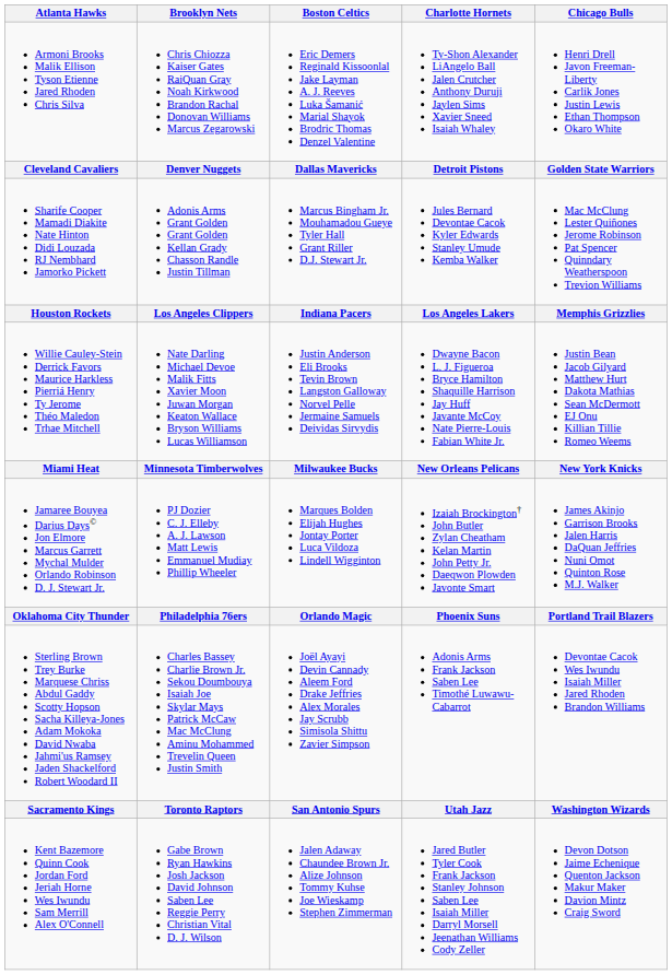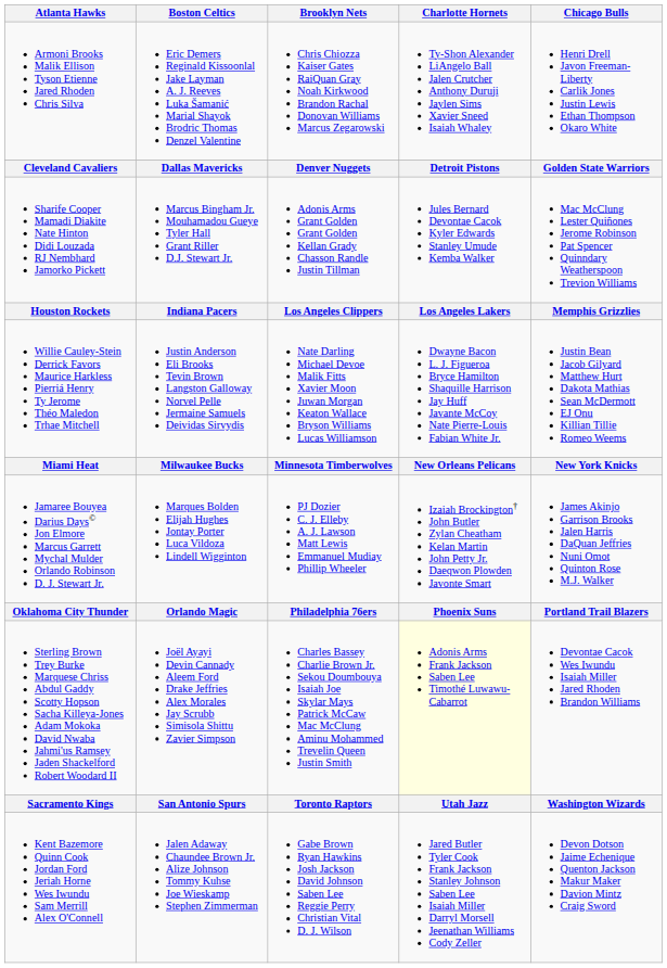 <table class="wikitable">
 <tr>
 <th style="width:185px"><a href='#'>Atlanta Hawks</a></th>
+<th style="width:185px"><a href='#'>Boston Celtics</a></th>
 <th style="width:185px"><a href='#'>Brooklyn Nets</a></th>
-<th style="width:185px"><a href='#'>Boston Celtics</a></th>
 <th style="width:185px"><a href='#'>Charlotte Hornets</a></th>
 <th style="width:185px"><a href='#'>Chicago Bulls</a></th>
 </tr>
 <tr>
 <td valign=top><br><ul><li><a href='#'>Armoni Brooks</a></li><li><a href='#'>Malik Ellison</a></li><li><a href='#'>Tyson Etienne</a></li><li><a href='#'>Jared Rhoden</a></li><li><a href='#'>Chris Silva</a></li></ul></td>
+<td valign=top><br><ul><li><a href='#'>Eric Demers</a></li><li><a href='#'>Reginald Kissoonlal</a></li><li><a href='#'>Jake Layman</a></li><li><a href='#'>A. J. Reeves</a></li><li><a href='#'>Luka Šamanić</a></li><li><a href='#'>Marial Shayok</a></li><li><a href='#'>Brodric Thomas</a></li><li><a href='#'>Denzel Valentine</a></li></ul></td>
 <td valign=top><br><ul><li><a href='#'>Chris Chiozza</a></li><li><a href='#'>Kaiser Gates</a></li><li><a href='#'>RaiQuan Gray</a></li><li><a href='#'>Noah Kirkwood</a></li><li><a href='#'>Brandon Rachal</a></li><li><a href='#'>Donovan Williams</a></li><li><a href='#'>Marcus Zegarowski</a></li></ul></td>
-<td valign=top><br><ul><li><a href='#'>Eric Demers</a></li><li><a href='#'>Reginald Kissoonlal</a></li><li><a href='#'>Jake Layman</a></li><li><a href='#'>A. J. Reeves</a></li><li><a href='#'>Luka Šamanić</a></li><li><a href='#'>Marial Shayok</a></li><li><a href='#'>Brodric Thomas</a></li><li><a href='#'>Denzel Valentine</a></li></ul></td>
 <td valign=top><br><ul><li><a href='#'>Ty-Shon Alexander</a></li><li><a href='#'>LiAngelo Ball</a></li><li><a href='#'>Jalen Crutcher</a></li><li><a href='#'>Anthony Duruji</a></li><li><a href='#'>Jaylen Sims</a></li><li><a href='#'>Xavier Sneed</a></li><li><a href='#'>Isaiah Whaley</a></li></ul></td>
 <td valign=top><br><ul><li><a href='#'>Henri Drell</a></li><li><a href='#'>Javon Freeman-Liberty</a></li><li><a href='#'>Carlik Jones</a></li><li><a href='#'>Justin Lewis</a></li><li><a href='#'>Ethan Thompson</a></li><li><a href='#'>Okaro White</a></li></ul></td>
 </tr>
 <tr>
 <th style="width:185px"><a href='#'>Cleveland Cavaliers</a></th>
+<th style="width:185px"><a href='#'>Dallas Mavericks</a></th>
 <th style="width:185px"><a href='#'>Denver Nuggets</a></th>
-<th style="width:185px"><a href='#'>Dallas Mavericks</a></th>
 <th style="width:185px"><a href='#'>Detroit Pistons</a></th>
 <th style="width:185px"><a href='#'>Golden State Warriors</a></th>
 </tr>
 <tr>
 <td valign=top><br><ul><li><a href='#'>Sharife Cooper</a></li><li><a href='#'>Mamadi Diakite</a></li><li><a href='#'>Nate Hinton</a></li><li><a href='#'>Didi Louzada</a></li><li><a href='#'>RJ Nembhard</a></li><li><a href='#'>Jamorko Pickett</a></li></ul></td>
+<td valign=top><br><ul><li><a href='#'>Marcus Bingham Jr.</a></li><li><a href='#'>Mouhamadou Gueye</a></li><li><a href='#'>Tyler Hall</a></li><li><a href='#'>Grant Riller</a></li><li><a href='#'>D.J. Stewart Jr.</a></li></ul></td>
 <td valign=top><br><ul><li><a href='#'>Adonis Arms</a></li><li><a href='#'>Grant Golden</a></li><li><a href='#'>Grant Golden</a></li><li><a href='#'>Kellan Grady</a></li><li><a href='#'>Chasson Randle</a></li><li><a href='#'>Justin Tillman</a></li></ul></td>
-<td valign=top><br><ul><li><a href='#'>Marcus Bingham Jr.</a></li><li><a href='#'>Mouhamadou Gueye</a></li><li><a href='#'>Tyler Hall</a></li><li><a href='#'>Grant Riller</a></li><li><a href='#'>D.J. Stewart Jr.</a></li></ul></td>
 <td valign=top><br><ul><li><a href='#'>Jules Bernard</a></li><li><a href='#'>Devontae Cacok</a></li><li><a href='#'>Kyler Edwards</a></li><li><a href='#'>Stanley Umude</a></li><li><a href='#'>Kemba Walker</a></li></ul></td>
 <td valign=top><br><ul><li><a href='#'>Mac McClung</a></li><li><a href='#'>Lester Quiñones</a></li><li><a href='#'>Jerome Robinson</a></li><li><a href='#'>Pat Spencer</a></li><li><a href='#'>Quinndary Weatherspoon</a></li><li><a href='#'>Trevion Williams</a></li></ul></td>
 </tr>
 <tr>
 <th style="width:185px"><a href='#'>Houston Rockets</a></th>
+<th style="width:185px"><a href='#'>Indiana Pacers</a></th>
 <th style="width:185px"><a href='#'>Los Angeles Clippers</a></th>
-<th style="width:185px"><a href='#'>Indiana Pacers</a></th>
 <th style="width:185px"><a href='#'>Los Angeles Lakers</a></th>
 <th style="width:185px"><a href='#'>Memphis Grizzlies</a></th>
 </tr>
 <tr>
 <td valign=top><br><ul><li><a href='#'>Willie Cauley-Stein</a></li><li><a href='#'>Derrick Favors</a></li><li><a href='#'>Maurice Harkless</a></li><li><a href='#'>Pierriá Henry</a></li><li><a href='#'>Ty Jerome</a></li><li><a href='#'>Théo Maledon</a></li><li><a href='#'>Trhae Mitchell</a></li></ul></td>
+<td valign=top><br><ul><li><a href='#'>Justin Anderson</a></li><li><a href='#'>Eli Brooks</a></li><li><a href='#'>Tevin Brown</a></li><li><a href='#'>Langston Galloway</a></li><li><a href='#'>Norvel Pelle</a></li><li><a href='#'>Jermaine Samuels</a></li><li><a href='#'>Deividas Sirvydis</a></li></ul></td>
 <td valign=top><br><ul><li><a href='#'>Nate Darling</a></li><li><a href='#'>Michael Devoe</a></li><li><a href='#'>Malik Fitts</a></li><li><a href='#'>Xavier Moon</a></li><li><a href='#'>Juwan Morgan</a></li><li><a href='#'>Keaton Wallace</a></li><li><a href='#'>Bryson Williams</a></li><li><a href='#'>Lucas Williamson</a></li></ul></td>
-<td valign=top><br><ul><li><a href='#'>Justin Anderson</a></li><li><a href='#'>Eli Brooks</a></li><li><a href='#'>Tevin Brown</a></li><li><a href='#'>Langston Galloway</a></li><li><a href='#'>Norvel Pelle</a></li><li><a href='#'>Jermaine Samuels</a></li><li><a href='#'>Deividas Sirvydis</a></li></ul></td>
 <td valign=top><br><ul><li><a href='#'>Dwayne Bacon</a></li><li><a href='#'>L. J. Figueroa</a></li><li><a href='#'>Bryce Hamilton</a></li><li><a href='#'>Shaquille Harrison</a></li><li><a href='#'>Jay Huff</a></li><li><a href='#'>Javante McCoy</a></li><li><a href='#'>Nate Pierre-Louis</a></li><li><a href='#'>Fabian White Jr.</a></li></ul></td>
 <td valign=top><br><ul><li><a href='#'>Justin Bean</a></li><li><a href='#'>Jacob Gilyard</a></li><li><a href='#'>Matthew Hurt</a></li><li><a href='#'>Dakota Mathias</a></li><li><a href='#'>Sean McDermott</a></li><li><a href='#'>EJ Onu</a></li><li><a href='#'>Killian Tillie</a></li><li><a href='#'>Romeo Weems</a></li></ul></td>
 </tr>
 <tr>
 <th style="width:185px"><a href='#'>Miami Heat</a></th>
+<th style="width:185px"><a href='#'>Milwaukee Bucks</a></th>
 <th style="width:185px"><a href='#'>Minnesota Timberwolves</a></th>
-<th style="width:185px"><a href='#'>Milwaukee Bucks</a></th>
 <th style="width:185px"><a href='#'>New Orleans Pelicans</a></th>
 <th style="width:185px"><a href='#'>New York Knicks</a></th>
 </tr>
 <tr>
 <td valign=top><br><ul><li><a href='#'>Jamaree Bouyea</a></li><li><a href='#'>Darius Days</a><sup>©</sup></li><li><a href='#'>Jon Elmore</a></li><li><a href='#'>Marcus Garrett</a></li><li><a href='#'>Mychal Mulder</a></li><li><a href='#'>Orlando Robinson</a></li><li><a href='#'>D. J. Stewart Jr.</a></li></ul></td>
+<td valign=top><br><ul><li><a href='#'>Marques Bolden</a></li><li><a href='#'>Elijah Hughes</a></li><li><a href='#'>Jontay Porter</a></li><li><a href='#'>Luca Vildoza</a></li><li><a href='#'>Lindell Wigginton</a></li></ul></td>
 <td valign=top><br><ul><li><a href='#'>PJ Dozier</a></li><li><a href='#'>C. J. Elleby</a></li><li><a href='#'>A. J. Lawson</a></li><li><a href='#'>Matt Lewis</a></li><li><a href='#'>Emmanuel Mudiay</a></li><li><a href='#'>Phillip Wheeler</a></li></ul></td>
-<td valign=top><br><ul><li><a href='#'>Marques Bolden</a></li><li><a href='#'>Elijah Hughes</a></li><li><a href='#'>Jontay Porter</a></li><li><a href='#'>Luca Vildoza</a></li><li><a href='#'>Lindell Wigginton</a></li></ul></td>
 <td valign=top><br><ul><li><a href='#'>Izaiah Brockington</a><sup>†</sup></li><li><a href='#'>John Butler</a></li><li><a href='#'>Zylan Cheatham</a></li><li><a href='#'>Kelan Martin</a></li><li><a href='#'>John Petty Jr.</a></li><li><a href='#'>Daeqwon Plowden</a></li><li><a href='#'>Javonte Smart</a></li></ul></td>
 <td valign=top><br><ul><li><a href='#'>James Akinjo</a></li><li><a href='#'>Garrison Brooks</a></li><li><a href='#'>Jalen Harris</a></li><li><a href='#'>DaQuan Jeffries</a></li><li><a href='#'>Nuni Omot</a></li><li><a href='#'>Quinton Rose</a></li><li><a href='#'>M.J. Walker</a></li></ul></td>
 </tr>
 <tr>
 <th style="width:185px"><a href='#'>Oklahoma City Thunder</a></th>
+<th style="width:185px"><a href='#'>Orlando Magic</a></th>
 <th style="width:185px"><a href='#'>Philadelphia 76ers</a></th>
-<th style="width:185px"><a href='#'>Orlando Magic</a></th>
 <th style="width:185px"><a href='#'>Phoenix Suns</a></th>
 <th style="width:185px"><a href='#'>Portland Trail Blazers</a></th>
 </tr>
 <tr>
 <td valign=top><br><ul><li><a href='#'>Sterling Brown</a></li><li><a href='#'>Trey Burke</a></li><li><a href='#'>Marquese Chriss</a></li><li><a href='#'>Abdul Gaddy</a></li><li><a href='#'>Scotty Hopson</a></li><li><a href='#'>Sacha Killeya-Jones</a></li><li><a href='#'>Adam Mokoka</a></li><li><a href='#'>David Nwaba</a></li><li><a href='#'>Jahmi'us Ramsey</a></li><li><a href='#'>Jaden Shackelford</a></li><li><a href='#'>Robert Woodard II</a></li></ul></td>
+<td valign=top><br><ul><li><a href='#'>Joël Ayayi</a></li><li><a href='#'>Devin Cannady</a></li><li><a href='#'>Aleem Ford</a></li><li><a href='#'>Drake Jeffries</a></li><li><a href='#'>Alex Morales</a></li><li><a href='#'>Jay Scrubb</a></li><li><a href='#'>Simisola Shittu</a></li><li><a href='#'>Zavier Simpson</a></li></ul></td>
 <td valign=top><br><ul><li><a href='#'>Charles Bassey</a></li><li><a href='#'>Charlie Brown Jr.</a></li><li><a href='#'>Sekou Doumbouya</a></li><li><a href='#'>Isaiah Joe</a></li><li><a href='#'>Skylar Mays</a></li><li><a href='#'>Patrick McCaw</a></li><li><a href='#'>Mac McClung</a></li><li><a href='#'>Aminu Mohammed</a></li><li><a href='#'>Trevelin Queen</a></li><li><a href='#'>Justin Smith</a></li></ul></td>
-<td valign=top><br><ul><li><a href='#'>Joël Ayayi</a></li><li><a href='#'>Devin Cannady</a></li><li><a href='#'>Aleem Ford</a></li><li><a href='#'>Drake Jeffries</a></li><li><a href='#'>Alex Morales</a></li><li><a href='#'>Jay Scrubb</a></li><li><a href='#'>Simisola Shittu</a></li><li><a href='#'>Zavier Simpson</a></li></ul></td>
-<td valign=top><br><ul><li><a href='#'>Adonis Arms</a></li><li><a href='#'>Frank Jackson</a></li><li><a href='#'>Saben Lee</a></li><li><a href='#'>Timothé Luwawu-Cabarrot</a></li></ul></td>
+<td valign=top style="background: lightyellow;"><br><ul><li><a href='#'>Adonis Arms</a></li><li><a href='#'>Frank Jackson</a></li><li><a href='#'>Saben Lee</a></li><li><a href='#'>Timothé Luwawu-Cabarrot</a></li></ul></td>
 <td valign=top><br><ul><li><a href='#'>Devontae Cacok</a></li><li><a href='#'>Wes Iwundu</a></li><li><a href='#'>Isaiah Miller</a></li><li><a href='#'>Jared Rhoden</a></li><li><a href='#'>Brandon Williams</a></li></ul></td>
 </tr>
 <tr>
 <th style="width:185px"><a href='#'>Sacramento Kings</a></th>
+<th style="width:185px"><a href='#'>San Antonio Spurs</a></th>
 <th style="width:185px"><a href='#'>Toronto Raptors</a></th>
-<th style="width:185px"><a href='#'>San Antonio Spurs</a></th>
 <th style="width:185px"><a href='#'>Utah Jazz</a></th>
 <th style="width:185px"><a href='#'>Washington Wizards</a></th>
 </tr>
 <tr>
 <td valign=top><br><ul><li><a href='#'>Kent Bazemore</a></li><li><a href='#'>Quinn Cook</a></li><li><a href='#'>Jordan Ford</a></li><li><a href='#'>Jeriah Horne</a></li><li><a href='#'>Wes Iwundu</a></li><li><a href='#'>Sam Merrill</a></li><li><a href='#'>Alex O'Connell</a></li></ul></td>
+<td valign=top><br><ul><li><a href='#'>Jalen Adaway</a></li><li><a href='#'>Chaundee Brown Jr.</a></li><li><a href='#'>Alize Johnson</a></li><li><a href='#'>Tommy Kuhse</a></li><li><a href='#'>Joe Wieskamp</a></li><li><a href='#'>Stephen Zimmerman</a></li></ul></td>
 <td valign=top><br><ul><li><a href='#'>Gabe Brown</a></li><li><a href='#'>Ryan Hawkins</a></li><li><a href='#'>Josh Jackson</a></li><li><a href='#'>David Johnson</a></li><li><a href='#'>Saben Lee</a></li><li><a href='#'>Reggie Perry</a></li><li><a href='#'>Christian Vital</a></li><li><a href='#'>D. J. Wilson</a></li></ul></td>
-<td valign=top><br><ul><li><a href='#'>Jalen Adaway</a></li><li><a href='#'>Chaundee Brown Jr.</a></li><li><a href='#'>Alize Johnson</a></li><li><a href='#'>Tommy Kuhse</a></li><li><a href='#'>Joe Wieskamp</a></li><li><a href='#'>Stephen Zimmerman</a></li></ul></td>
 <td valign=top><br><ul><li><a href='#'>Jared Butler</a></li><li><a href='#'>Tyler Cook</a></li><li><a href='#'>Frank Jackson</a></li><li><a href='#'>Stanley Johnson</a></li><li><a href='#'>Saben Lee</a></li><li><a href='#'>Isaiah Miller</a></li><li><a href='#'>Darryl Morsell</a></li><li><a href='#'>Jeenathan Williams</a></li><li><a href='#'>Cody Zeller</a></li></ul></td>
 <td valign=top><br><ul><li><a href='#'>Devon Dotson</a></li><li><a href='#'>Jaime Echenique</a></li><li><a href='#'>Quenton Jackson</a></li><li><a href='#'>Makur Maker</a></li><li><a href='#'>Davion Mintz</a></li><li><a href='#'>Craig Sword</a></li></ul></td>
 </tr>
 </table>
